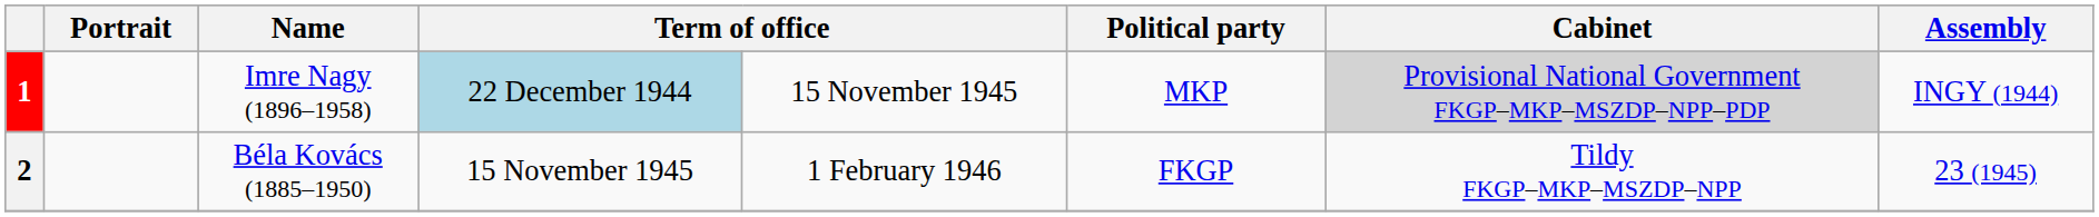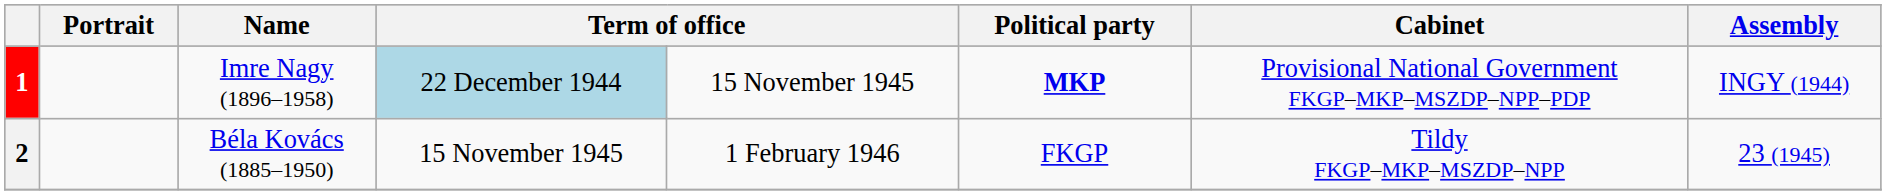 <table class="wikitable" style="width:90%; text-align:center;">
 <tr>
 <th></th>
 <th>Portrait</th>
 <th>Name<br></th>
 <th colspan=2>Term of office</th>
 <th>Political party</th>
 <th>Cabinet</th>
 <th><a href='#'>Assembly</a><br></th>
 </tr>
 <tr>
 <th style="background-color:Red; color:white">1</th>
 <td></td>
 <td><a href='#'>Imre Nagy</a><br><small>(1896–1958)</small></td>
 <td style="background: lightblue;">22 December 1944</td>
 <td>15 November 1945</td>
-<td><a href='#'>MKP</a></td>
-<td style="background: lightgrey;"><a href='#'>Provisional National Government</a><br><small><a href='#'>FKGP</a>–<a href='#'>MKP</a>–<a href='#'>MSZDP</a>–<a href='#'>NPP</a>–<a href='#'>PDP</a></small></td>
+<td><strong><a href='#'>MKP</a></strong></td>
+<td><a href='#'>Provisional National Government</a><br><small><a href='#'>FKGP</a>–<a href='#'>MKP</a>–<a href='#'>MSZDP</a>–<a href='#'>NPP</a>–<a href='#'>PDP</a></small></td>
 <td rowspan="2"><a href='#'>INGY <small>(1944)</small></a></td>
 </tr>
 <tr>
 <th rowspan="2" style="background:">2</th>
 <td rowspan="2"></td>
 <td rowspan="2"><a href='#'>Béla Kovács</a><br><small>(1885–1950)</small></td>
 <td rowspan="2">15 November 1945</td>
 <td rowspan="2">1 February 1946</td>
 <td rowspan="2"><a href='#'>FKGP</a></td>
 <td rowspan="2"><a href='#'>Tildy</a><br><small><a href='#'>FKGP</a>–<a href='#'>MKP</a>–<a href='#'>MSZDP</a>–<a href='#'>NPP</a></small></td>
 </tr>
 <tr>
 <td><a href='#'>23 <small>(1945)</small></a></td>
 </tr>
 <tr>
 </tr>
 </table>
